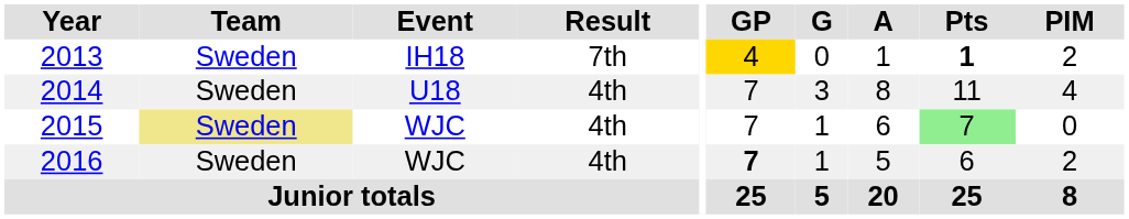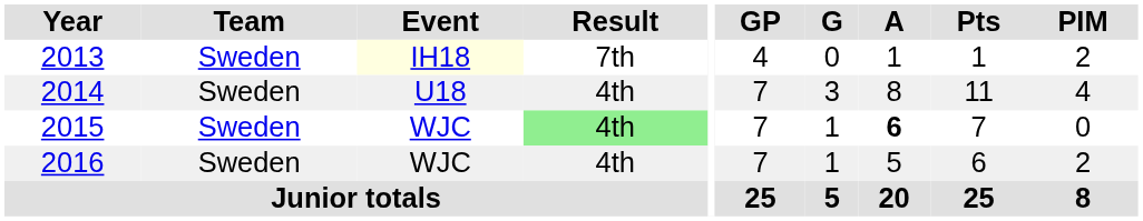 <table border="0" cellpadding="1" cellspacing="0" ID="Table3" style="text-align:center; width:40em">
 <tr ALIGN="center" bgcolor="#e0e0e0">
 <th>Year</th>
 <th>Team</th>
 <th>Event</th>
 <th>Result</th>
 <th rowspan="99" bgcolor="#ffffff"></th>
 <th>GP</th>
 <th>G</th>
 <th>A</th>
 <th>Pts</th>
 <th>PIM</th>
 </tr>
 <tr>
 <td><a href='#'>2013</a></td>
 <td><a href='#'>Sweden</a></td>
-<td><a href='#'>IH18</a></td>
+<td style="background: lightyellow;"><a href='#'>IH18</a></td>
 <td>7th</td>
-<td style="background: gold;">4</td>
+<td>4</td>
 <td>0</td>
 <td>1</td>
-<td><strong>1</strong></td>
+<td>1</td>
 <td>2</td>
 </tr>
 <tr bgcolor="#f0f0f0">
 <td><a href='#'>2014</a></td>
 <td>Sweden</td>
 <td><a href='#'>U18</a></td>
 <td>4th</td>
 <td>7</td>
 <td>3</td>
 <td>8</td>
 <td>11</td>
 <td>4</td>
 </tr>
 <tr ALIGN="center">
 <td><a href='#'>2015</a></td>
-<td style="background: khaki;"><a href='#'>Sweden</a></td>
+<td><a href='#'>Sweden</a></td>
 <td><a href='#'>WJC</a></td>
-<td>4th</td>
+<td style="background: lightgreen;">4th</td>
 <td>7</td>
 <td>1</td>
-<td>6</td>
-<td style="background: lightgreen;">7</td>
+<td><strong>6</strong></td>
+<td>7</td>
 <td>0</td>
 </tr>
 <tr bgcolor="#f0f0f0">
 <td><a href='#'>2016</a></td>
 <td>Sweden</td>
 <td>WJC</td>
 <td>4th</td>
-<td><strong>7</strong></td>
+<td>7</td>
 <td>1</td>
 <td>5</td>
 <td>6</td>
 <td>2</td>
 </tr>
 <tr ALIGN="center" bgcolor="#e0e0e0">
 <th colspan=4>Junior totals</th>
 <th>25</th>
 <th>5</th>
 <th>20</th>
 <th>25</th>
 <th>8</th>
 </tr>
 </table>
